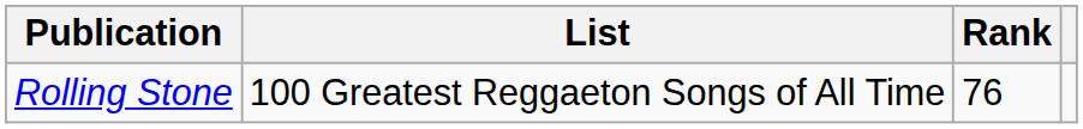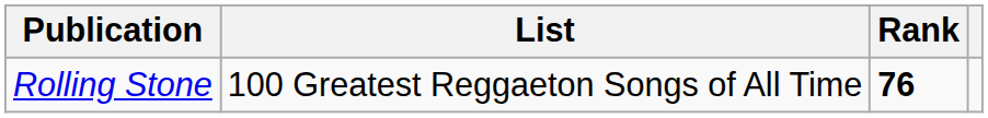 <table class="wikitable">
 <tr>
 <th>Publication</th>
 <th>List</th>
 <th>Rank</th>
 <th></th>
 </tr>
 <tr>
 <td><em><a href='#'>Rolling Stone</a></em></td>
 <td>100 Greatest Reggaeton Songs of All Time</td>
-<td>76</td>
+<td><strong>76</strong></td>
 <td></td>
 </tr>
 </table>
